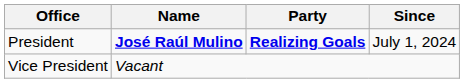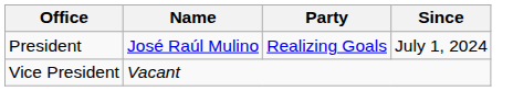 <table class="wikitable">
 <tr>
 <th>Office</th>
 <th>Name</th>
 <th>Party</th>
 <th>Since</th>
 </tr>
 <tr>
 <td>President</td>
-<td><strong><a href='#'>José Raúl Mulino</a></strong></td>
-<td><strong><a href='#'>Realizing Goals</a></strong></td>
+<td><a href='#'>José Raúl Mulino</a></td>
+<td><a href='#'>Realizing Goals</a></td>
 <td>July 1, 2024</td>
 </tr>
 <tr>
 <td>Vice President</td>
 <td colspan="3"><em>Vacant</em></td>
 </tr>
 </table>
